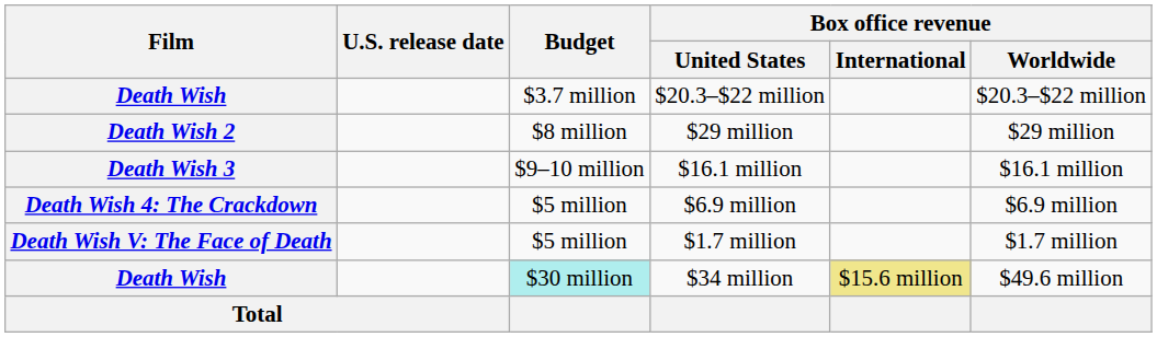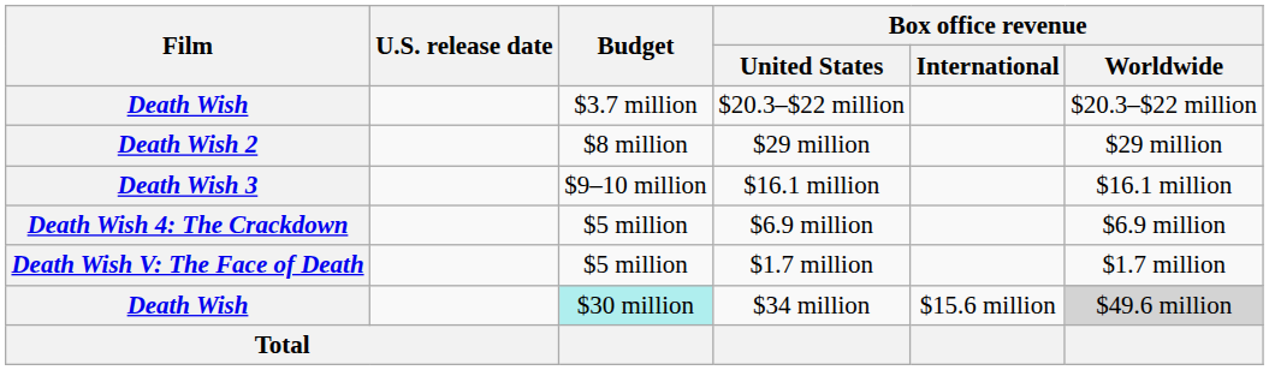 <table class="wikitable plainrowheaders" style="text-align:center;">
 <tr>
 <th rowspan="2">Film</th>
 <th rowspan="2">U.S. release date</th>
 <th rowspan="2">Budget</th>
 <th colspan="3">Box office revenue</th>
 </tr>
 <tr>
 <th style="text-align:center;">United States</th>
 <th style="text-align:center;">International</th>
 <th style="text-align:center;">Worldwide</th>
 </tr>
 <tr>
 <th scope="row"><em><a href='#'>Death Wish</a></em></th>
 <td style="text-align:left"></td>
 <td style="text-align:center;">$3.7 million</td>
 <td style="text-align:center;">$20.3–$22 million</td>
 <td style="text-align:center;"></td>
 <td style="text-align:center;">$20.3–$22 million</td>
 </tr>
 <tr>
 <th scope="row"><em><a href='#'>Death Wish 2</a></em></th>
 <td style="text-align:left"></td>
 <td style="text-align:center;">$8 million</td>
 <td style="text-align:center;">$29 million</td>
 <td style="text-align:center;"></td>
 <td style="text-align:center;">$29 million</td>
 </tr>
 <tr>
 <th scope="row"><em><a href='#'>Death Wish 3</a></em></th>
 <td style="text-align:left"></td>
 <td style="text-align:center;">$9–10 million</td>
 <td style="text-align:center;">$16.1 million</td>
 <td style="text-align:center;"></td>
 <td style="text-align:center;">$16.1 million</td>
 </tr>
 <tr>
 <th scope="row"><em><a href='#'>Death Wish 4: The Crackdown</a></em></th>
 <td style="text-align:left"></td>
 <td style="text-align:center;">$5 million</td>
 <td style="text-align:center;">$6.9 million</td>
 <td style="text-align:center;"></td>
 <td style="text-align:center;">$6.9 million</td>
 </tr>
 <tr>
 <th scope="row"><em><a href='#'>Death Wish V: The Face of Death</a></em></th>
 <td style="text-align:left"></td>
 <td style="text-align:center;">$5 million</td>
 <td style="text-align:center;">$1.7 million</td>
 <td style="text-align:center;"></td>
 <td style="text-align:center;">$1.7 million</td>
 </tr>
 <tr>
 <th scope="row"><em><a href='#'>Death Wish</a></em></th>
 <td style="text-align:left"></td>
 <td style="background: paleturquoise; text-align:center;">$30 million</td>
 <td style="text-align:center;">$34 million</td>
-<td style="background: khaki; text-align:center;">$15.6 million</td>
-<td style="text-align:center;">$49.6 million</td>
+<td style="text-align:center;">$15.6 million</td>
+<td style="background: lightgrey; text-align:center;">$49.6 million</td>
 </tr>
 <tr>
 <th colspan="2">Total</th>
 <th style="text-align:center;"></th>
 <th style="text-align:center;"></th>
 <th style="text-align:center;"></th>
 <th style="text-align:center;"></th>
 </tr>
 </table>
